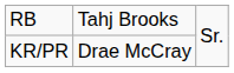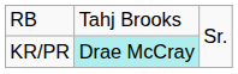 <table class="wikitable">
 <tr>
 <td>RB</td>
 <td>Tahj Brooks</td>
 <td rowspan="2">Sr.</td>
 </tr>
 <tr>
 <td>KR/PR</td>
-<td>Drae McCray</td>
+<td style="background: paleturquoise;">Drae McCray</td>
 </tr>
 </table>
